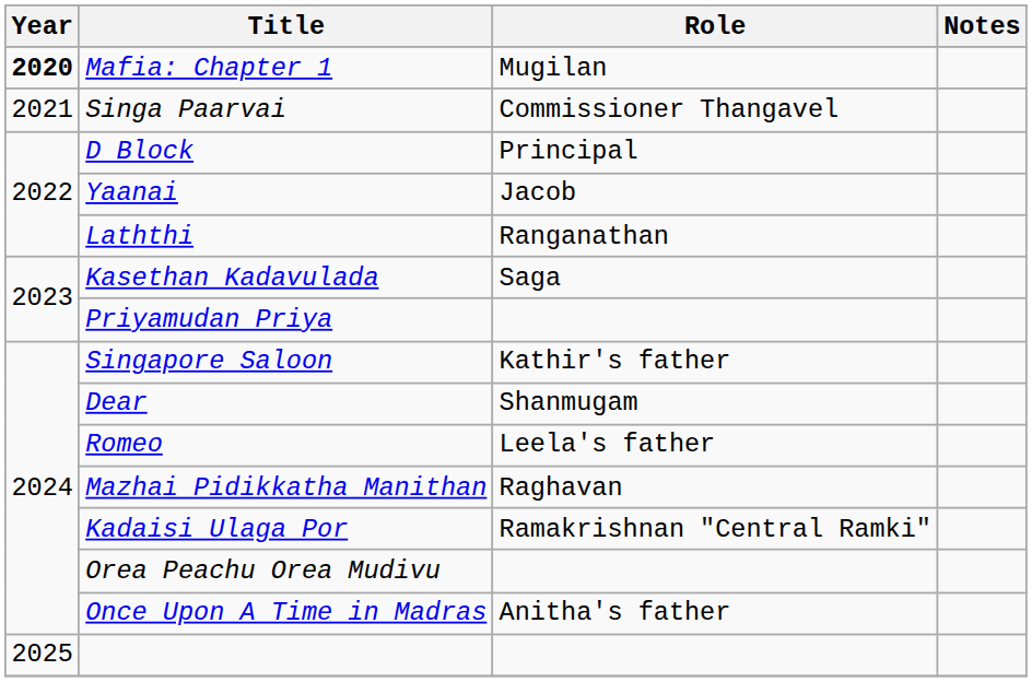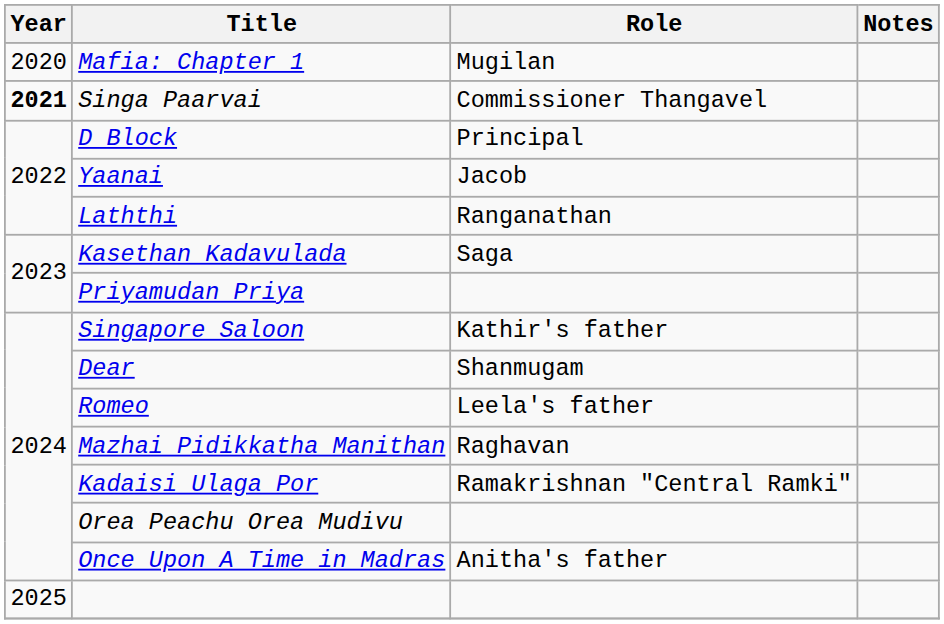 <table class="wikitable sortable">
 <tr>
 <th>Year</th>
 <th>Title</th>
 <th>Role</th>
 <th class="unsortable">Notes</th>
 </tr>
 <tr>
-<td><strong>2020</strong></td>
+<td>2020</td>
 <td><em><a href='#'>Mafia: Chapter 1</a></em></td>
 <td>Mugilan</td>
 <td></td>
 </tr>
 <tr>
-<td>2021</td>
+<td><strong>2021</strong></td>
 <td><em>Singa Paarvai</em></td>
 <td>Commissioner Thangavel</td>
 <td></td>
 </tr>
 <tr>
 <td rowspan="3">2022</td>
 <td><em><a href='#'>D Block</a></em></td>
 <td>Principal</td>
 <td></td>
 </tr>
 <tr>
 <td><em><a href='#'>Yaanai</a></em></td>
 <td>Jacob</td>
 <td></td>
 </tr>
 <tr>
 <td><em><a href='#'>Laththi</a></em></td>
 <td>Ranganathan</td>
 <td></td>
 </tr>
 <tr>
 <td rowspan=2>2023</td>
 <td><em><a href='#'>Kasethan Kadavulada</a></em></td>
 <td>Saga</td>
 <td></td>
 </tr>
 <tr>
 <td><em><a href='#'>Priyamudan Priya</a></em></td>
 <td></td>
 <td></td>
 </tr>
 <tr>
 <td rowspan=7>2024</td>
 <td><em><a href='#'>Singapore Saloon</a></em></td>
 <td>Kathir's father</td>
 <td></td>
 </tr>
 <tr>
 <td><em><a href='#'>Dear</a></em></td>
 <td>Shanmugam</td>
 <td></td>
 </tr>
 <tr>
 <td><em><a href='#'>Romeo</a></em></td>
 <td>Leela's father</td>
 <td></td>
 </tr>
 <tr>
 <td><em><a href='#'>Mazhai Pidikkatha Manithan</a></em></td>
 <td>Raghavan</td>
 <td></td>
 </tr>
 <tr>
 <td><em><a href='#'>Kadaisi Ulaga Por</a></em></td>
 <td>Ramakrishnan "Central Ramki"</td>
 <td></td>
 </tr>
 <tr>
 <td><em>Orea Peachu Orea Mudivu</em></td>
 <td></td>
 <td></td>
 </tr>
 <tr>
 <td><em><a href='#'>Once Upon A Time in Madras</a></em></td>
 <td>Anitha's father</td>
 <td></td>
 </tr>
 <tr>
 <td>2025</td>
 <td></td>
 <td></td>
 <td></td>
 </tr>
 <tr>
 </tr>
 </table>
